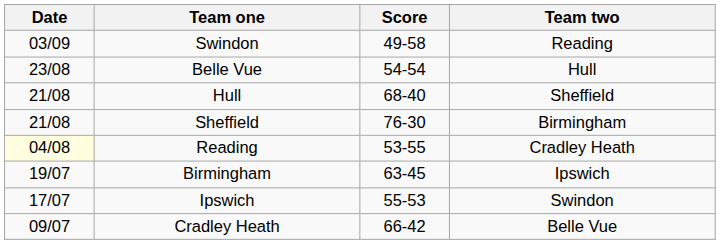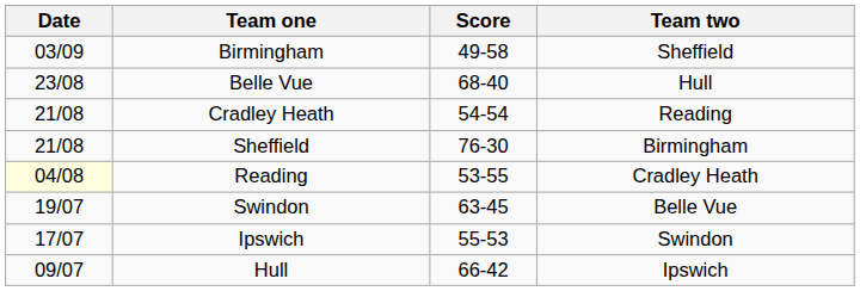 <table class="wikitable" style="text-align: center">
 <tr>
 <th width=80>Date</th>
 <th width=250>Team one</th>
 <th width=80>Score</th>
 <th width=250>Team two</th>
 </tr>
 <tr>
 <td>03/09</td>
-<td>Swindon</td>
+<td>Birmingham</td>
 <td>49-58</td>
-<td>Reading</td>
+<td>Sheffield</td>
 </tr>
 <tr>
 <td>23/08</td>
 <td>Belle Vue</td>
-<td>54-54</td>
+<td>68-40</td>
 <td>Hull</td>
 </tr>
 <tr>
 <td>21/08</td>
-<td>Hull</td>
-<td>68-40</td>
-<td>Sheffield</td>
+<td>Cradley Heath</td>
+<td>54-54</td>
+<td>Reading</td>
 </tr>
 <tr>
 <td>21/08</td>
 <td>Sheffield</td>
 <td>76-30</td>
 <td>Birmingham</td>
 </tr>
 <tr>
 <td style="background: lightyellow;">04/08</td>
 <td>Reading</td>
 <td>53-55</td>
 <td>Cradley Heath</td>
 </tr>
 <tr>
 <td>19/07</td>
-<td>Birmingham</td>
+<td>Swindon</td>
 <td>63-45</td>
-<td>Ipswich</td>
+<td>Belle Vue</td>
 </tr>
 <tr>
 <td>17/07</td>
 <td>Ipswich</td>
 <td>55-53</td>
 <td>Swindon</td>
 </tr>
 <tr>
 <td>09/07</td>
-<td>Cradley Heath</td>
+<td>Hull</td>
 <td>66-42</td>
-<td>Belle Vue</td>
+<td>Ipswich</td>
 </tr>
 </table>
